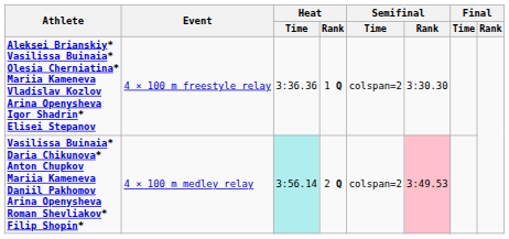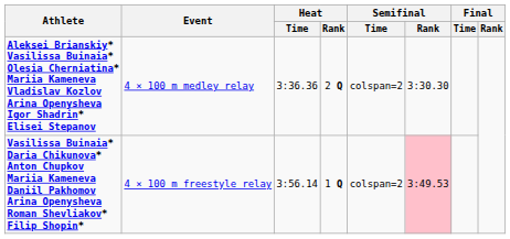 <table class="wikitable" style="text-align:center; font-size:90%">
 <tr>
 <th rowspan=2>Athlete</th>
 <th rowspan=2>Event</th>
 <th colspan=2>Heat</th>
 <th colspan=2>Semifinal</th>
 <th colspan=2>Final</th>
 </tr>
 <tr style="font-size:95%">
 <th>Time</th>
 <th>Rank</th>
 <th>Time</th>
 <th>Rank</th>
 <th>Time</th>
 <th>Rank</th>
 </tr>
 <tr>
 <td align=left><strong><a href='#'>Aleksei Brianskiy</a>*<br><a href='#'>Vasilissa Buinaia</a>*<br><a href='#'>Olesia Cherniatina</a>*<br><a href='#'>Mariia Kameneva</a><br><a href='#'>Vladislav Kozlov</a><br><a href='#'>Arina Openysheva</a><br><a href='#'>Igor Shadrin</a>*<br><a href='#'>Elisei Stepanov</a></strong></td>
-<td align=left><a href='#'>4 × 100 m freestyle relay</a></td>
+<td align=left><a href='#'>4 × 100 m medley relay</a></td>
 <td>3:36.36</td>
-<td>1 <strong>Q</strong></td>
+<td>2 <strong>Q</strong></td>
 <td>colspan=2 </td>
 <td>3:30.30</td>
 <td></td>
 </tr>
 <tr>
 <td align=left><strong><a href='#'>Vasilissa Buinaia</a>*<br><a href='#'>Daria Chikunova</a>*<br><a href='#'>Anton Chupkov</a><br><a href='#'>Mariia Kameneva</a><br><a href='#'>Daniil Pakhomov</a><br><a href='#'>Arina Openysheva</a><br><a href='#'>Roman Shevliakov</a>*<br><a href='#'>Filip Shopin</a>*</strong></td>
-<td align=left><a href='#'>4 × 100 m medley relay</a></td>
-<td style="background: paleturquoise;">3:56.14</td>
-<td>2 <strong>Q</strong></td>
+<td align=left><a href='#'>4 × 100 m freestyle relay</a></td>
+<td>3:56.14</td>
+<td>1 <strong>Q</strong></td>
 <td>colspan=2 </td>
 <td style="background: pink;">3:49.53</td>
 <td></td>
 </tr>
 </table>
